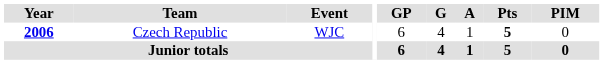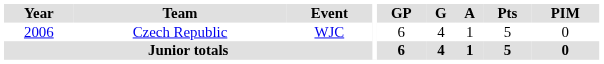 <table border="0" cellpadding="1" cellspacing="0" ID="Table3" style="text-align:center; width:40em">
 <tr ALIGN="center" bgcolor="#e0e0e0">
 <th>Year</th>
 <th>Team</th>
 <th>Event</th>
 <th rowspan="99" bgcolor="#ffffff"></th>
 <th>GP</th>
 <th>G</th>
 <th>A</th>
 <th>Pts</th>
 <th>PIM</th>
 </tr>
 <tr>
-<td><strong><a href='#'>2006</a></strong></td>
+<td><a href='#'>2006</a></td>
 <td><a href='#'>Czech Republic</a></td>
 <td><a href='#'>WJC</a></td>
 <td>6</td>
 <td>4</td>
 <td>1</td>
-<td><strong>5</strong></td>
+<td>5</td>
 <td>0</td>
 </tr>
 <tr bgcolor="#e0e0e0">
 <th colspan="3">Junior totals</th>
 <th>6</th>
 <th>4</th>
 <th>1</th>
 <th>5</th>
 <th>0</th>
 </tr>
 </table>
